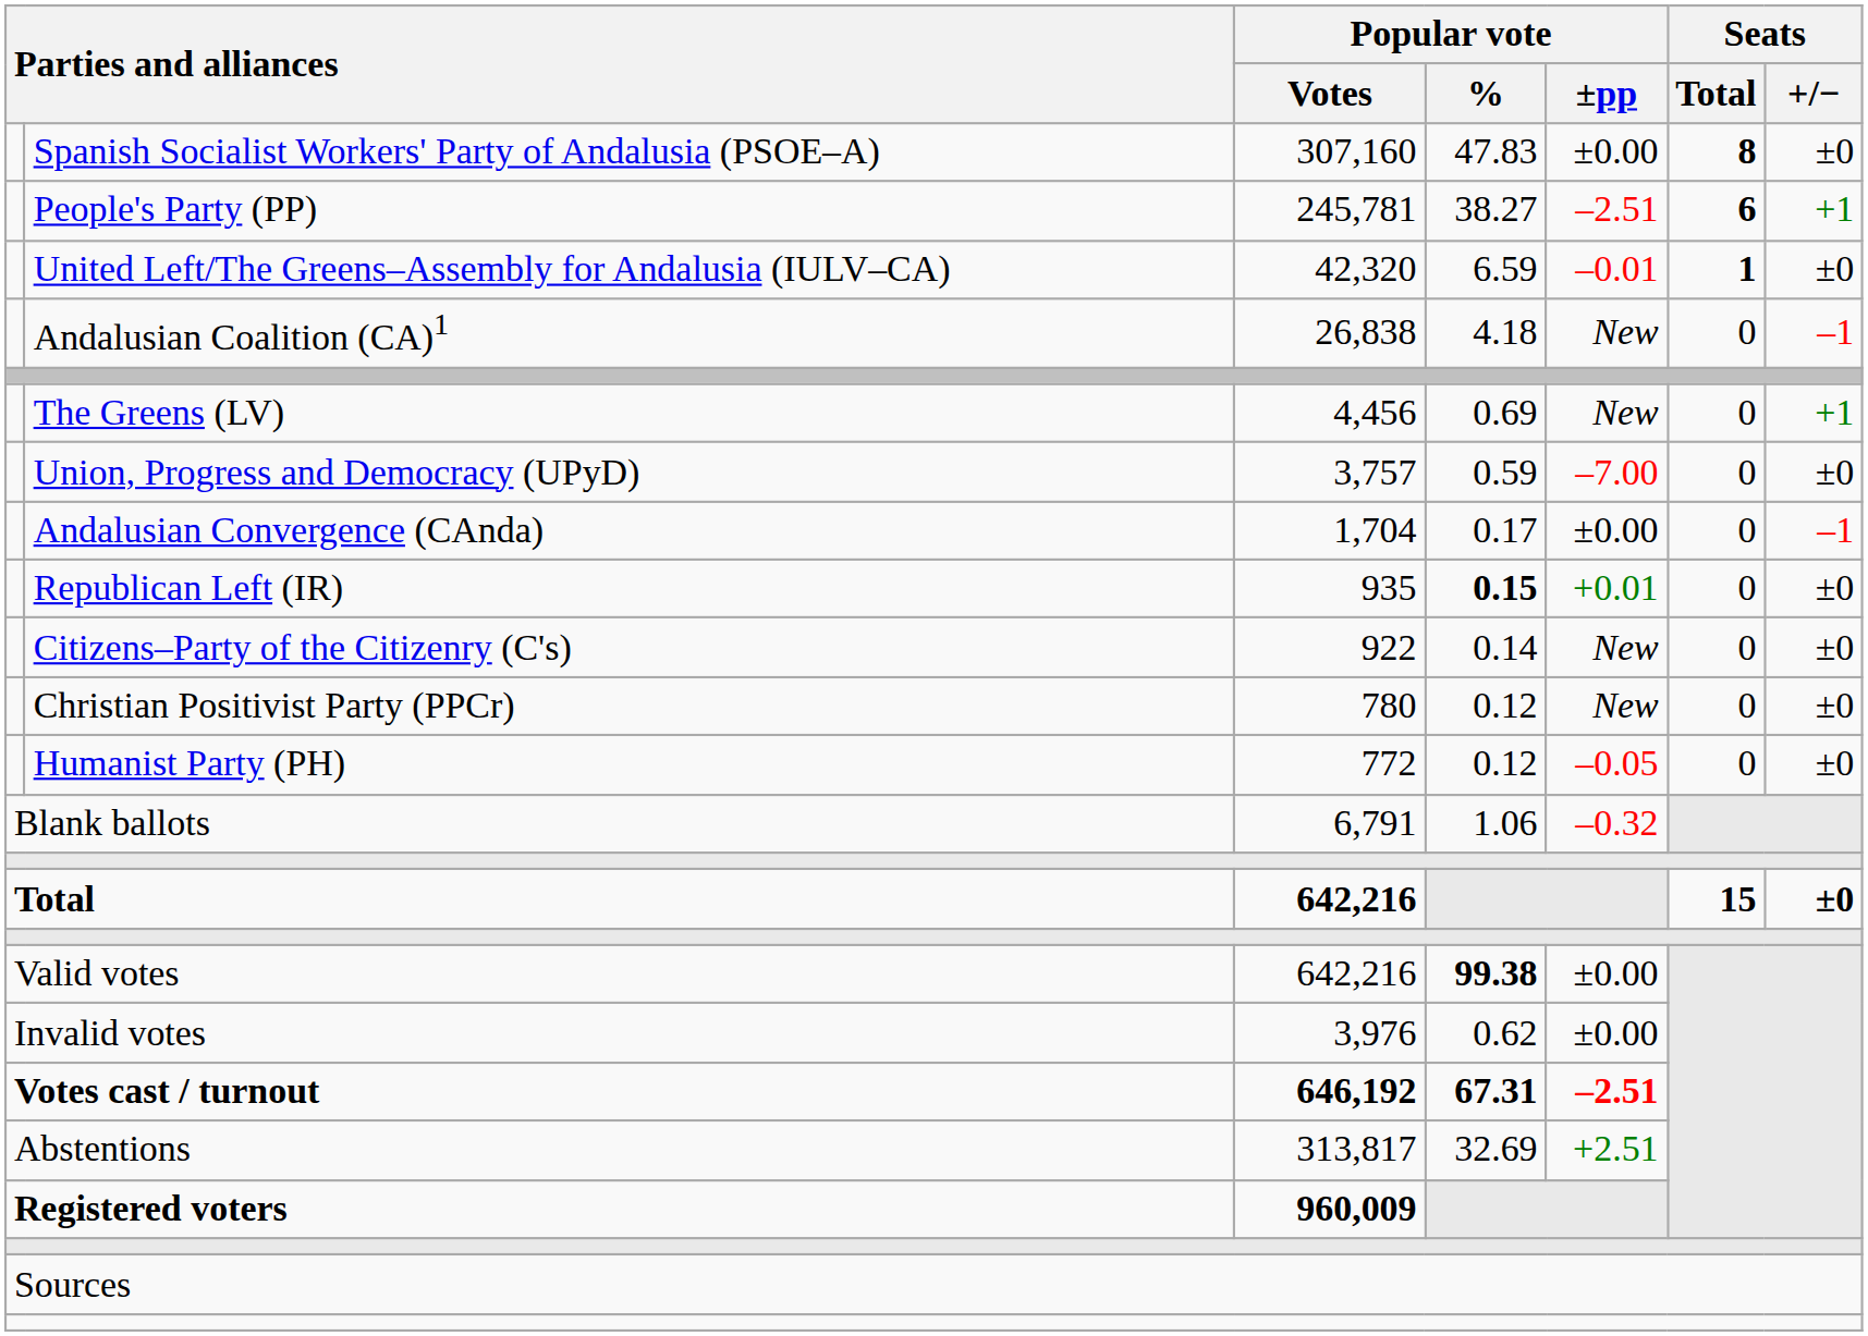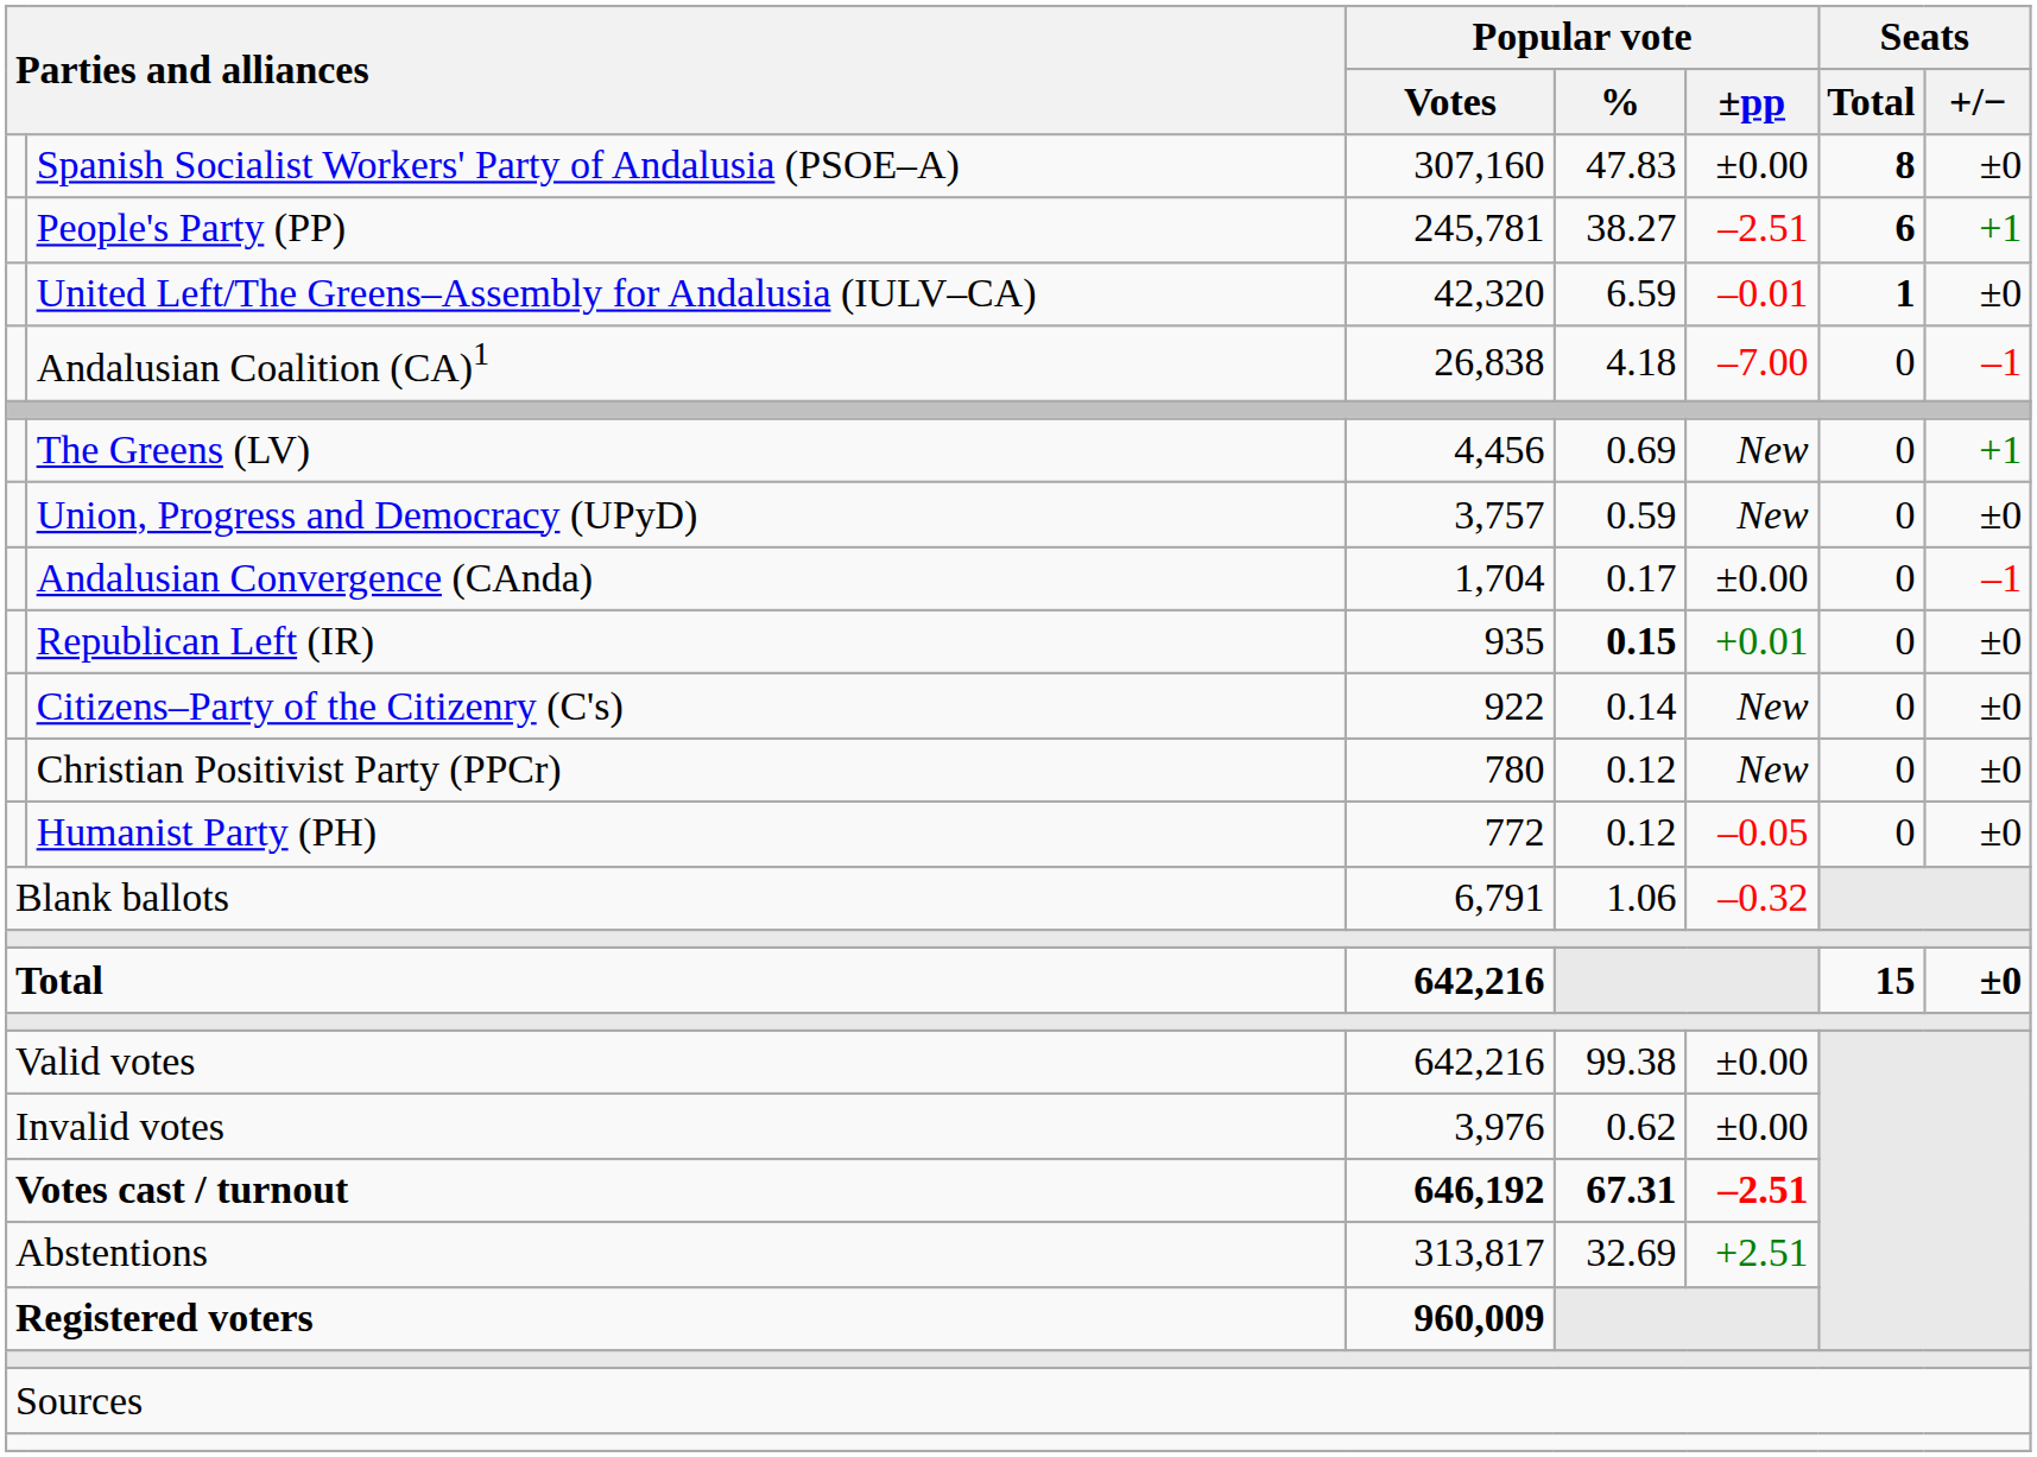 <table class="wikitable" style="text-align:right;">
 <tr>
 <th style="text-align:left;" rowspan="2" colspan="2" width="525">Parties and alliances</th>
 <th colspan="3">Popular vote</th>
 <th colspan="2">Seats</th>
 </tr>
 <tr>
 <th width="75">Votes</th>
 <th width="45">%</th>
 <th width="45">±<a href='#'>pp</a></th>
 <th width="35">Total</th>
 <th width="35">+/−</th>
 </tr>
 <tr>
 <td width="1" style="color:inherit;background:"></td>
 <td align="left"><a href='#'>Spanish Socialist Workers' Party of Andalusia</a> (PSOE–A)</td>
 <td>307,160</td>
 <td>47.83</td>
 <td>±0.00</td>
 <td><strong>8</strong></td>
 <td>±0</td>
 </tr>
 <tr>
 <td style="color:inherit;background:"></td>
 <td align="left"><a href='#'>People's Party</a> (PP)</td>
 <td>245,781</td>
 <td>38.27</td>
 <td style="color:red;">–2.51</td>
 <td><strong>6</strong></td>
 <td style="color:green;">+1</td>
 </tr>
 <tr>
 <td style="color:inherit;background:"></td>
 <td align="left"><a href='#'>United Left/The Greens–Assembly for Andalusia</a> (IULV–CA)</td>
 <td>42,320</td>
 <td>6.59</td>
 <td style="color:red;">–0.01</td>
 <td><strong>1</strong></td>
 <td>±0</td>
 </tr>
 <tr>
 <td style="color:inherit;background:"></td>
 <td align="left">Andalusian Coalition (CA)<sup>1</sup></td>
 <td>26,838</td>
 <td>4.18</td>
-<td><em>New</em></td>
+<td style="color:red;">–7.00</td>
 <td>0</td>
 <td style="color:red;">–1</td>
 </tr>
 <tr>
 <td colspan="7" bgcolor="#C0C0C0"></td>
 </tr>
 <tr>
 <td style="color:inherit;background:"></td>
 <td align="left"><a href='#'>The Greens</a> (LV)</td>
 <td>4,456</td>
 <td>0.69</td>
 <td><em>New</em></td>
 <td>0</td>
 <td style="color:green;">+1</td>
 </tr>
 <tr>
 <td style="color:inherit;background:"></td>
 <td align="left"><a href='#'>Union, Progress and Democracy</a> (UPyD)</td>
 <td>3,757</td>
 <td>0.59</td>
-<td style="color:red;">–7.00</td>
+<td><em>New</em></td>
 <td>0</td>
 <td>±0</td>
 </tr>
 <tr>
 <td style="color:inherit;background:"></td>
 <td align="left"><a href='#'>Andalusian Convergence</a> (CAnda)</td>
 <td>1,704</td>
 <td>0.17</td>
 <td>±0.00</td>
 <td>0</td>
 <td style="color:red;">–1</td>
 </tr>
 <tr>
 <td style="color:inherit;background:"></td>
 <td align="left"><a href='#'>Republican Left</a> (IR)</td>
 <td>935</td>
 <td><strong>0.15</strong></td>
 <td style="color:green;">+0.01</td>
 <td>0</td>
 <td>±0</td>
 </tr>
 <tr>
 <td style="color:inherit;background:"></td>
 <td align="left"><a href='#'>Citizens–Party of the Citizenry</a> (C's)</td>
 <td>922</td>
 <td>0.14</td>
 <td><em>New</em></td>
 <td>0</td>
 <td>±0</td>
 </tr>
 <tr>
 <td style="color:inherit;background:"></td>
 <td align="left">Christian Positivist Party (PPCr)</td>
 <td>780</td>
 <td>0.12</td>
 <td><em>New</em></td>
 <td>0</td>
 <td>±0</td>
 </tr>
 <tr>
 <td style="color:inherit;background:"></td>
 <td align="left"><a href='#'>Humanist Party</a> (PH)</td>
 <td>772</td>
 <td>0.12</td>
 <td style="color:red;">–0.05</td>
 <td>0</td>
 <td>±0</td>
 </tr>
 <tr>
 <td align="left" colspan="2">Blank ballots</td>
 <td>6,791</td>
 <td>1.06</td>
 <td style="color:red;">–0.32</td>
 <td bgcolor="#E9E9E9" colspan="2"></td>
 </tr>
 <tr>
 <td colspan="7" bgcolor="#E9E9E9"></td>
 </tr>
 <tr style="font-weight:bold;">
 <td align="left" colspan="2">Total</td>
 <td>642,216</td>
 <td bgcolor="#E9E9E9" colspan="2"></td>
 <td>15</td>
 <td>±0</td>
 </tr>
 <tr>
 <td colspan="7" bgcolor="#E9E9E9"></td>
 </tr>
 <tr>
 <td align="left" colspan="2">Valid votes</td>
 <td>642,216</td>
-<td><strong>99.38</strong></td>
+<td>99.38</td>
 <td>±0.00</td>
 <td bgcolor="#E9E9E9" colspan="2" rowspan="5"></td>
 </tr>
 <tr>
 <td align="left" colspan="2">Invalid votes</td>
 <td>3,976</td>
 <td>0.62</td>
 <td>±0.00</td>
 </tr>
 <tr style="font-weight:bold;">
 <td align="left" colspan="2">Votes cast / turnout</td>
 <td>646,192</td>
 <td>67.31</td>
 <td style="color:red;">–2.51</td>
 </tr>
 <tr>
 <td align="left" colspan="2">Abstentions</td>
 <td>313,817</td>
 <td>32.69</td>
 <td style="color:green;">+2.51</td>
 </tr>
 <tr style="font-weight:bold;">
 <td align="left" colspan="2">Registered voters</td>
 <td>960,009</td>
 <td bgcolor="#E9E9E9" colspan="2"></td>
 </tr>
 <tr>
 <td colspan="7" bgcolor="#E9E9E9"></td>
 </tr>
 <tr>
 <td align="left" colspan="7">Sources</td>
 </tr>
 <tr>
 <td colspan="7" style="text-align:left; max-width:790px;"></td>
 </tr>
 </table>
